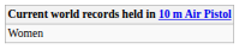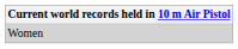 <table class="wikitable" style="font-size: 95%">
 <tr>
 <th colspan=9>Current world records held in <a href='#'>10 m Air Pistol</a></th>
 </tr>
 <tr>
-<td>Women<br></td>
+<td style="background: lightgrey;">Women<br></td>
 </tr>
 </table>
